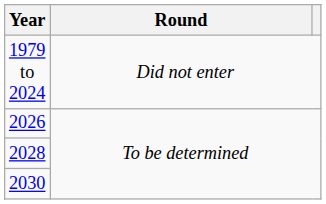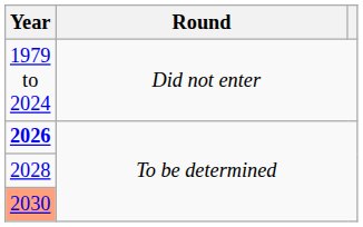 <table class="wikitable" style="text-align: center; font-size:90%">
 <tr>
 <th>Year</th>
 <th style="width:200px">Round</th>
 <th></th>
 </tr>
 <tr>
 <td><a href='#'>1979</a><br>to<br><a href='#'>2024</a></td>
 <td colspan="2"><em>Did not enter</em></td>
 </tr>
 <tr>
-<td><a href='#'>2026</a></td>
+<td><strong><a href='#'>2026</a></strong></td>
 <td colspan="2" rowspan="3"><em>To be determined</em></td>
 </tr>
 <tr>
 <td><a href='#'>2028</a></td>
 </tr>
 <tr>
-<td><a href='#'>2030</a></td>
+<td style="background: lightsalmon;"><a href='#'>2030</a></td>
 </tr>
 </table>
